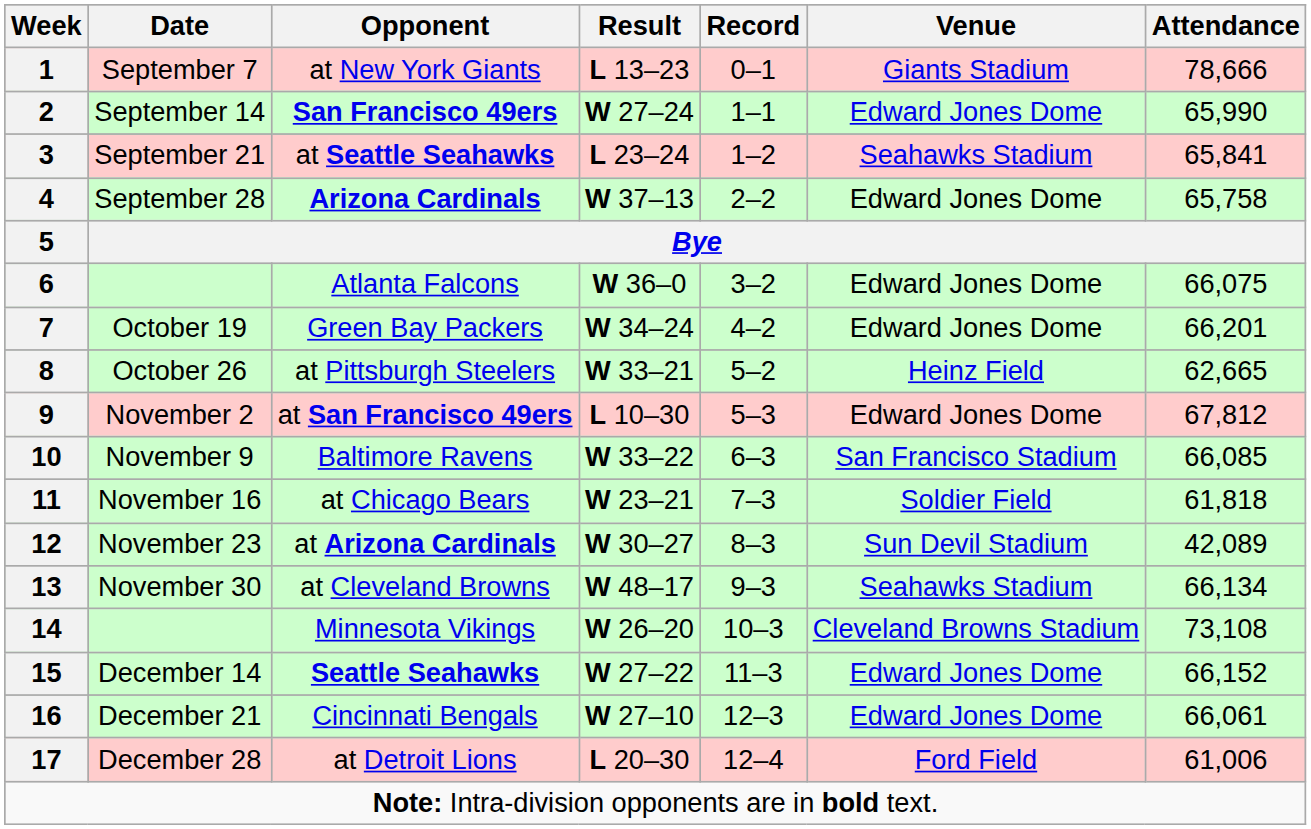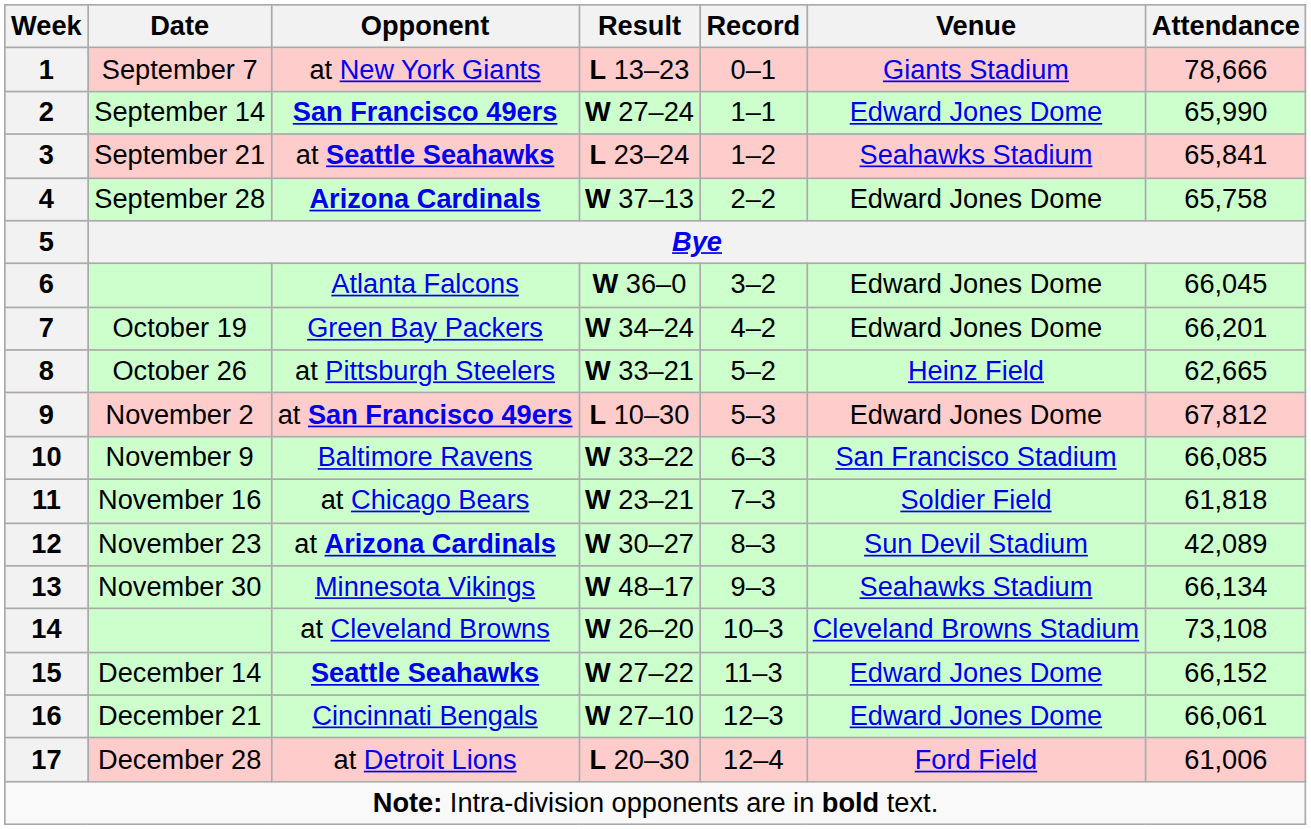 <table class="wikitable" style="text-align:center">
 <tr>
 <th>Week</th>
 <th>Date</th>
 <th>Opponent</th>
 <th>Result</th>
 <th>Record</th>
 <th>Venue</th>
 <th>Attendance</th>
 </tr>
 <tr style="background: #fcc;">
 <th>1</th>
 <td>September 7</td>
 <td>at <a href='#'>New York Giants</a></td>
 <td><strong>L</strong> 13–23</td>
 <td>0–1</td>
 <td><a href='#'>Giants Stadium</a></td>
 <td>78,666</td>
 </tr>
 <tr style="background:#cfc">
 <th>2</th>
 <td>September 14</td>
 <td><strong><a href='#'>San Francisco 49ers</a></strong></td>
 <td><strong>W</strong> 27–24 </td>
 <td>1–1</td>
 <td><a href='#'>Edward Jones Dome</a></td>
 <td>65,990</td>
 </tr>
 <tr style="background:#fcc">
 <th>3</th>
 <td>September 21</td>
 <td>at <strong><a href='#'>Seattle Seahawks</a></strong></td>
 <td><strong>L</strong> 23–24</td>
 <td>1–2</td>
 <td><a href='#'>Seahawks Stadium</a></td>
 <td>65,841</td>
 </tr>
 <tr style="background:#cfc">
 <th>4</th>
 <td>September 28</td>
 <td><strong><a href='#'>Arizona Cardinals</a></strong></td>
 <td><strong>W</strong> 37–13</td>
 <td>2–2</td>
 <td>Edward Jones Dome</td>
 <td>65,758</td>
 </tr>
 <tr>
 <th>5</th>
 <th colspan="6"><em><a href='#'>Bye</a></em></th>
 </tr>
 <tr style="background:#cfc">
 <th>6</th>
 <td></td>
 <td><a href='#'>Atlanta Falcons</a></td>
 <td><strong>W</strong> 36–0</td>
 <td>3–2</td>
 <td>Edward Jones Dome</td>
-<td>66,075</td>
+<td>66,045</td>
 </tr>
 <tr style="background:#cfc">
 <th>7</th>
 <td>October 19</td>
 <td><a href='#'>Green Bay Packers</a></td>
 <td><strong>W</strong> 34–24</td>
 <td>4–2</td>
 <td>Edward Jones Dome</td>
 <td>66,201</td>
 </tr>
 <tr style="background:#cfc">
 <th>8</th>
 <td>October 26</td>
 <td>at <a href='#'>Pittsburgh Steelers</a></td>
 <td><strong>W</strong> 33–21</td>
 <td>5–2</td>
 <td><a href='#'>Heinz Field</a></td>
 <td>62,665</td>
 </tr>
 <tr style="background:#fcc">
 <th>9</th>
 <td>November 2</td>
 <td>at <strong><a href='#'>San Francisco 49ers</a></strong></td>
 <td><strong>L</strong> 10–30</td>
 <td>5–3</td>
 <td>Edward Jones Dome</td>
 <td>67,812</td>
 </tr>
 <tr style="background:#cfc">
 <th>10</th>
 <td>November 9</td>
 <td><a href='#'>Baltimore Ravens</a></td>
 <td><strong>W</strong> 33–22</td>
 <td>6–3</td>
 <td><a href='#'>San Francisco Stadium</a></td>
 <td>66,085</td>
 </tr>
 <tr style="background:#cfc">
 <th>11</th>
 <td>November 16</td>
 <td>at <a href='#'>Chicago Bears</a></td>
 <td><strong>W</strong> 23–21</td>
 <td>7–3</td>
 <td><a href='#'>Soldier Field</a></td>
 <td>61,818</td>
 </tr>
 <tr style="background:#cfc">
 <th>12</th>
 <td>November 23</td>
 <td>at <strong><a href='#'>Arizona Cardinals</a></strong></td>
 <td><strong>W</strong> 30–27 </td>
 <td>8–3</td>
 <td><a href='#'>Sun Devil Stadium</a></td>
 <td>42,089</td>
 </tr>
 <tr style="background:#cfc">
 <th>13</th>
 <td>November 30</td>
-<td>at <a href='#'>Cleveland Browns</a></td>
+<td><a href='#'>Minnesota Vikings</a></td>
 <td><strong>W</strong> 48–17</td>
 <td>9–3</td>
 <td><a href='#'>Seahawks Stadium</a></td>
 <td>66,134</td>
 </tr>
 <tr style="background:#cfc">
 <th>14</th>
 <td></td>
-<td><a href='#'>Minnesota Vikings</a></td>
+<td>at <a href='#'>Cleveland Browns</a></td>
 <td><strong>W</strong> 26–20</td>
 <td>10–3</td>
 <td><a href='#'>Cleveland Browns Stadium</a></td>
 <td>73,108</td>
 </tr>
 <tr style="background:#cfc">
 <th>15</th>
 <td>December 14</td>
 <td><strong><a href='#'>Seattle Seahawks</a></strong></td>
 <td><strong>W</strong> 27–22</td>
 <td>11–3</td>
 <td><a href='#'>Edward Jones Dome</a></td>
 <td>66,152</td>
 </tr>
 <tr style="background:#cfc">
 <th>16</th>
 <td>December 21</td>
 <td><a href='#'>Cincinnati Bengals</a></td>
 <td><strong>W</strong> 27–10</td>
 <td>12–3</td>
 <td><a href='#'>Edward Jones Dome</a></td>
 <td>66,061</td>
 </tr>
 <tr style="background:#fcc">
 <th>17</th>
 <td>December 28</td>
 <td>at <a href='#'>Detroit Lions</a></td>
 <td><strong>L</strong> 20–30</td>
 <td>12–4</td>
 <td><a href='#'>Ford Field</a></td>
 <td>61,006</td>
 </tr>
 <tr>
 <td colspan="8"><strong>Note:</strong> Intra-division opponents are in <strong>bold</strong> text.</td>
 </tr>
 </table>
